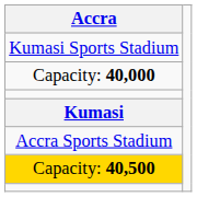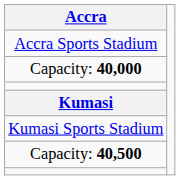 <table class="wikitable" style="text-align:center">
 <tr>
 <th><a href='#'>Accra</a></th>
 <td rowspan="8"></td>
 </tr>
 <tr>
-<td><a href='#'>Kumasi Sports Stadium</a></td>
+<td><a href='#'>Accra Sports Stadium</a></td>
 </tr>
 <tr>
 <td>Capacity: <strong>40,000</strong></td>
 </tr>
 <tr>
 <td></td>
 </tr>
 <tr>
 <th><a href='#'>Kumasi</a></th>
 </tr>
 <tr>
-<td><a href='#'>Accra Sports Stadium</a></td>
+<td><a href='#'>Kumasi Sports Stadium</a></td>
 </tr>
 <tr>
-<td style="background: gold;">Capacity: <strong>40,500</strong></td>
+<td>Capacity: <strong>40,500</strong></td>
 </tr>
 <tr>
 <td></td>
 </tr>
 </table>
